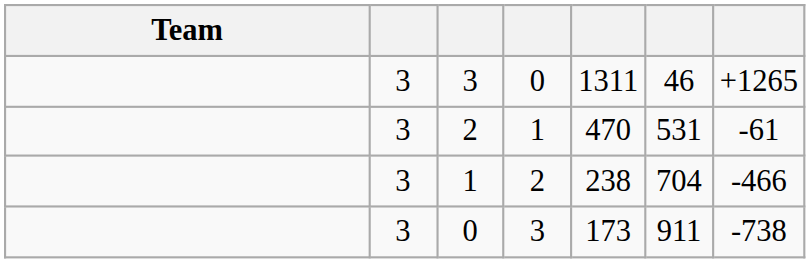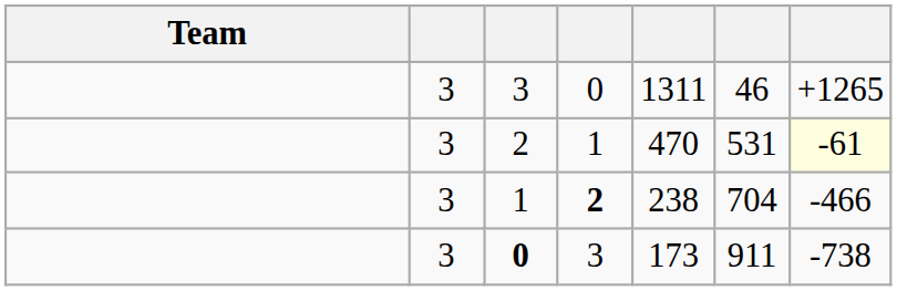 <table class="wikitable" style="text-align: center; font-size: 90%;">
 <tr>
 <th width=165>Team</th>
 <th width=25></th>
 <th width=25></th>
 <th width=25></th>
 <th width=25></th>
 <th width=25></th>
 <th width=25></th>
 </tr>
 <tr>
 <td style="text-align:left;"></td>
 <td>3</td>
 <td>3</td>
 <td>0</td>
 <td>1311</td>
 <td>46</td>
 <td>+1265</td>
 </tr>
 <tr>
 <td style="text-align:left;"></td>
 <td>3</td>
 <td>2</td>
 <td>1</td>
 <td>470</td>
 <td>531</td>
-<td>-61</td>
+<td style="background: lightyellow;">-61</td>
 </tr>
 <tr>
 <td style="text-align:left;"></td>
 <td>3</td>
 <td>1</td>
-<td>2</td>
+<td><strong>2</strong></td>
 <td>238</td>
 <td>704</td>
 <td>-466</td>
 </tr>
 <tr>
 <td style="text-align:left;"></td>
 <td>3</td>
-<td>0</td>
+<td><strong>0</strong></td>
 <td>3</td>
 <td>173</td>
 <td>911</td>
 <td>-738</td>
 </tr>
 </table>
